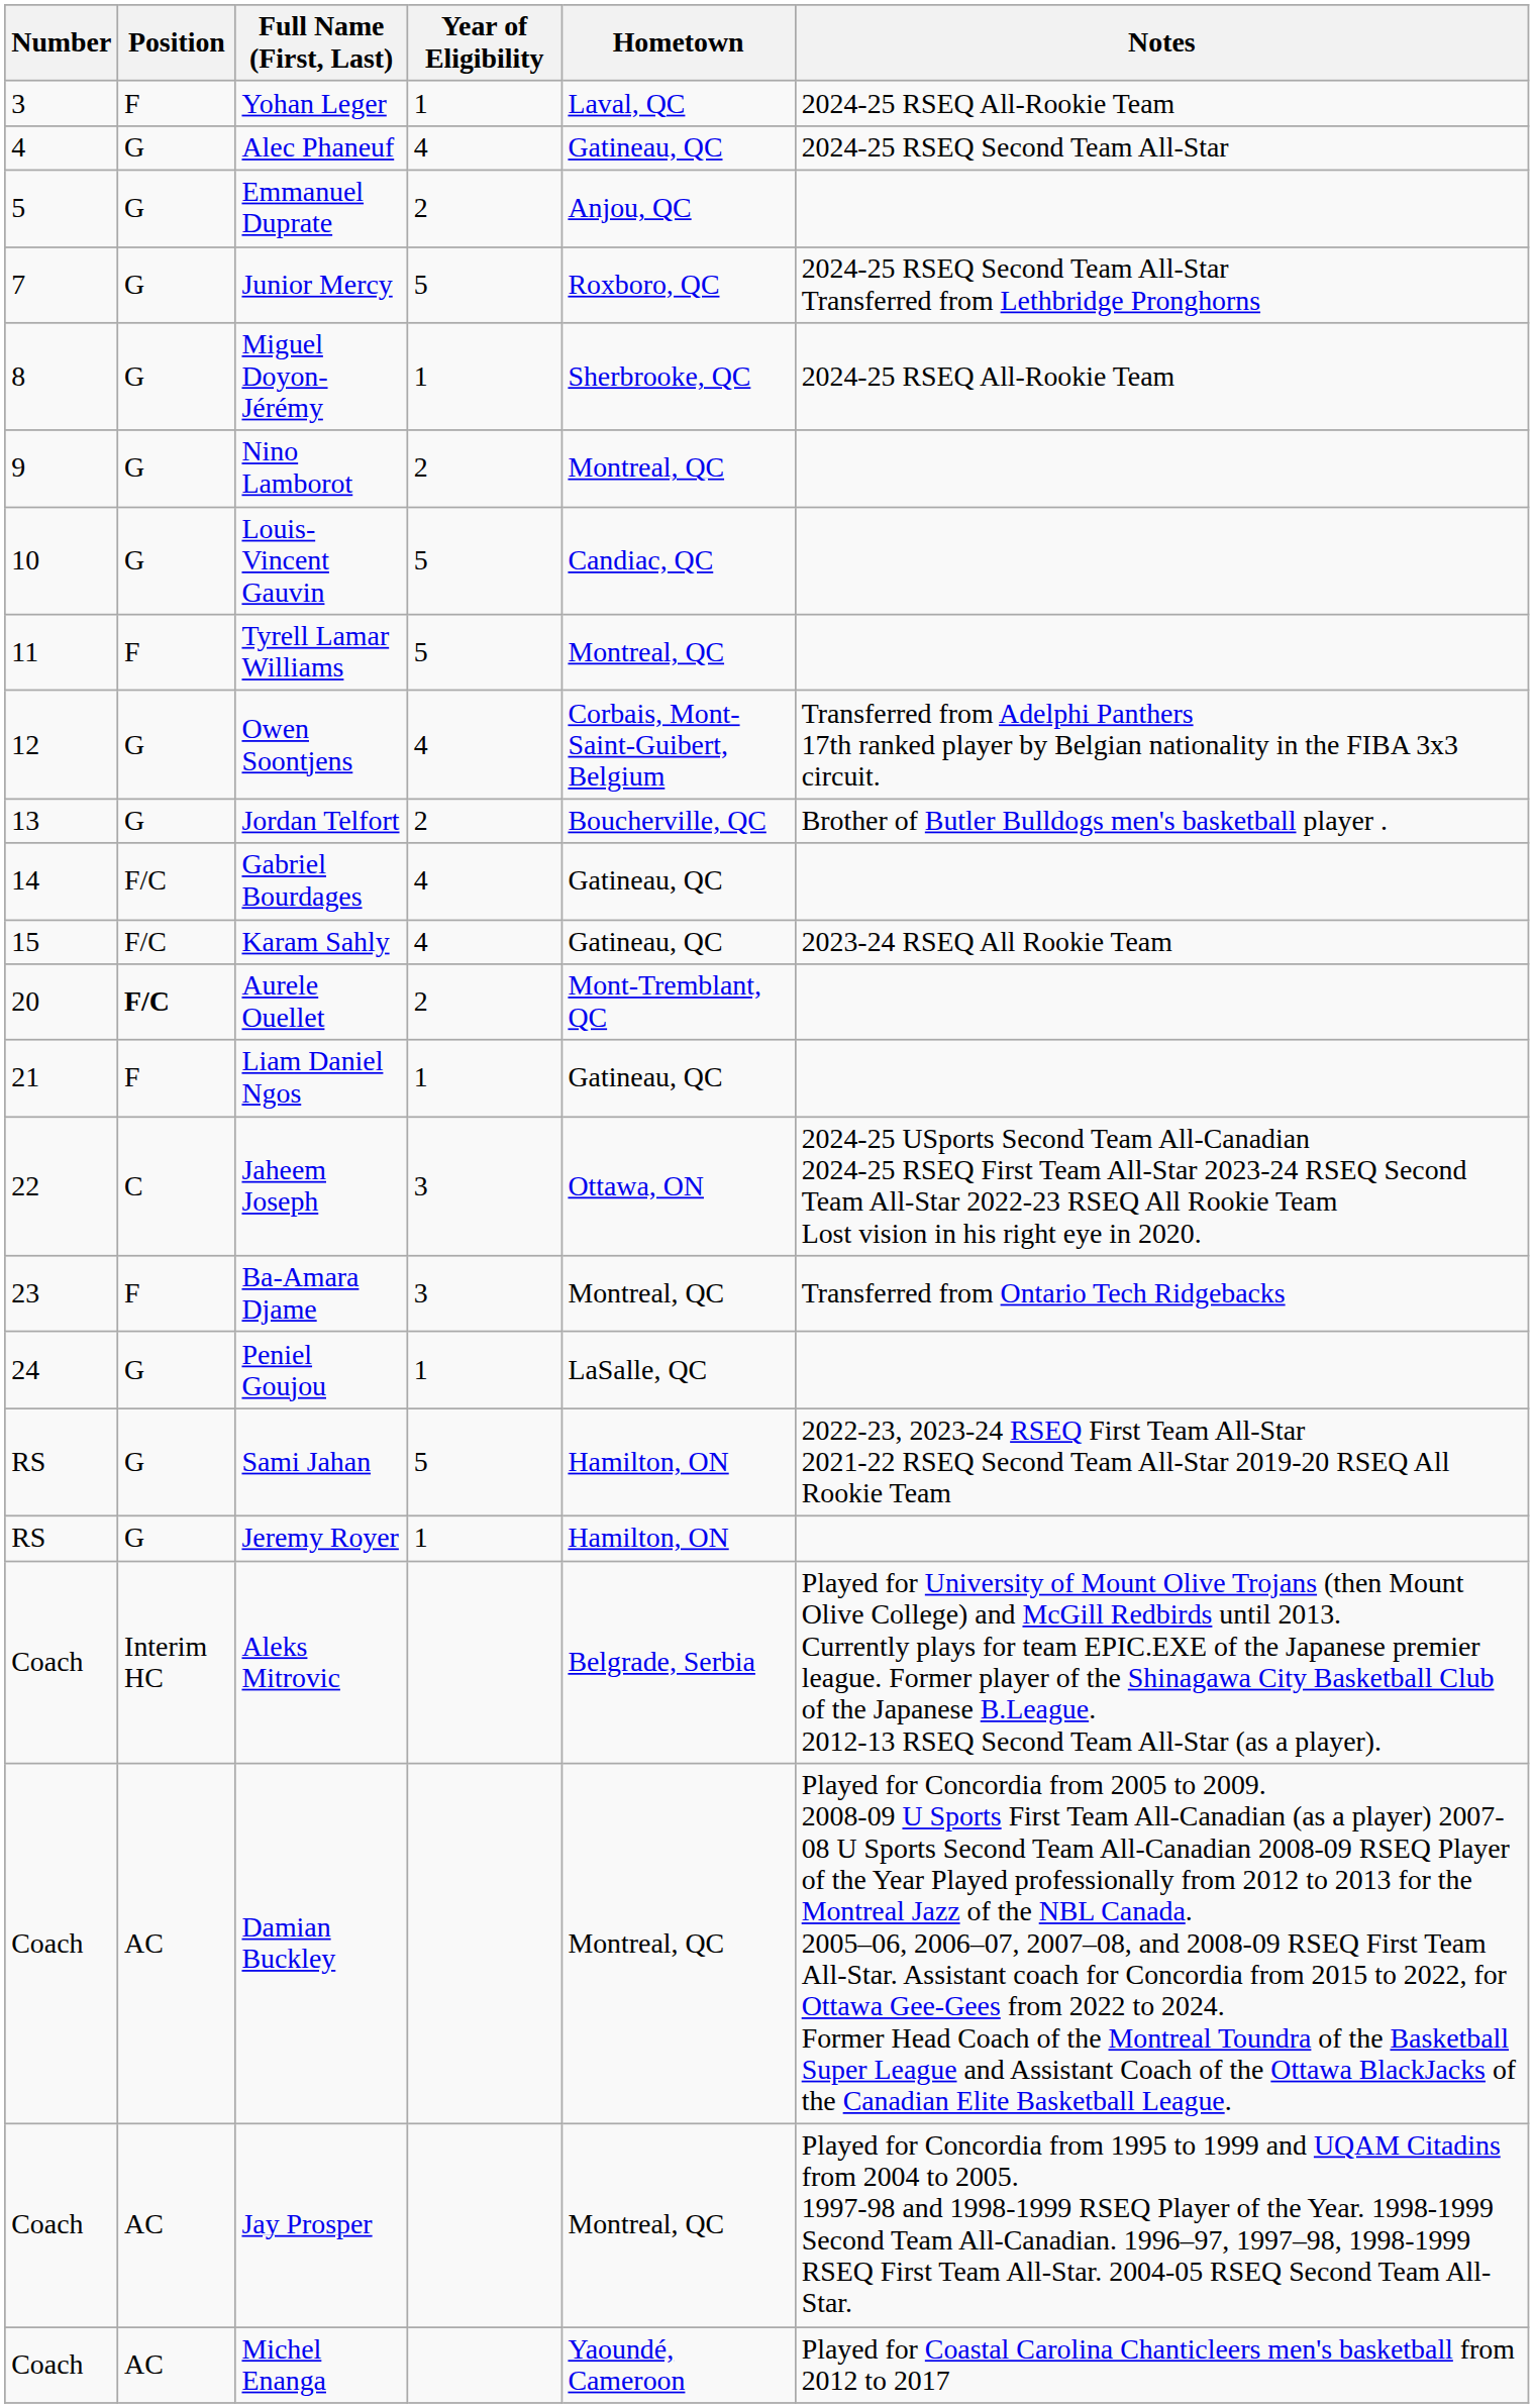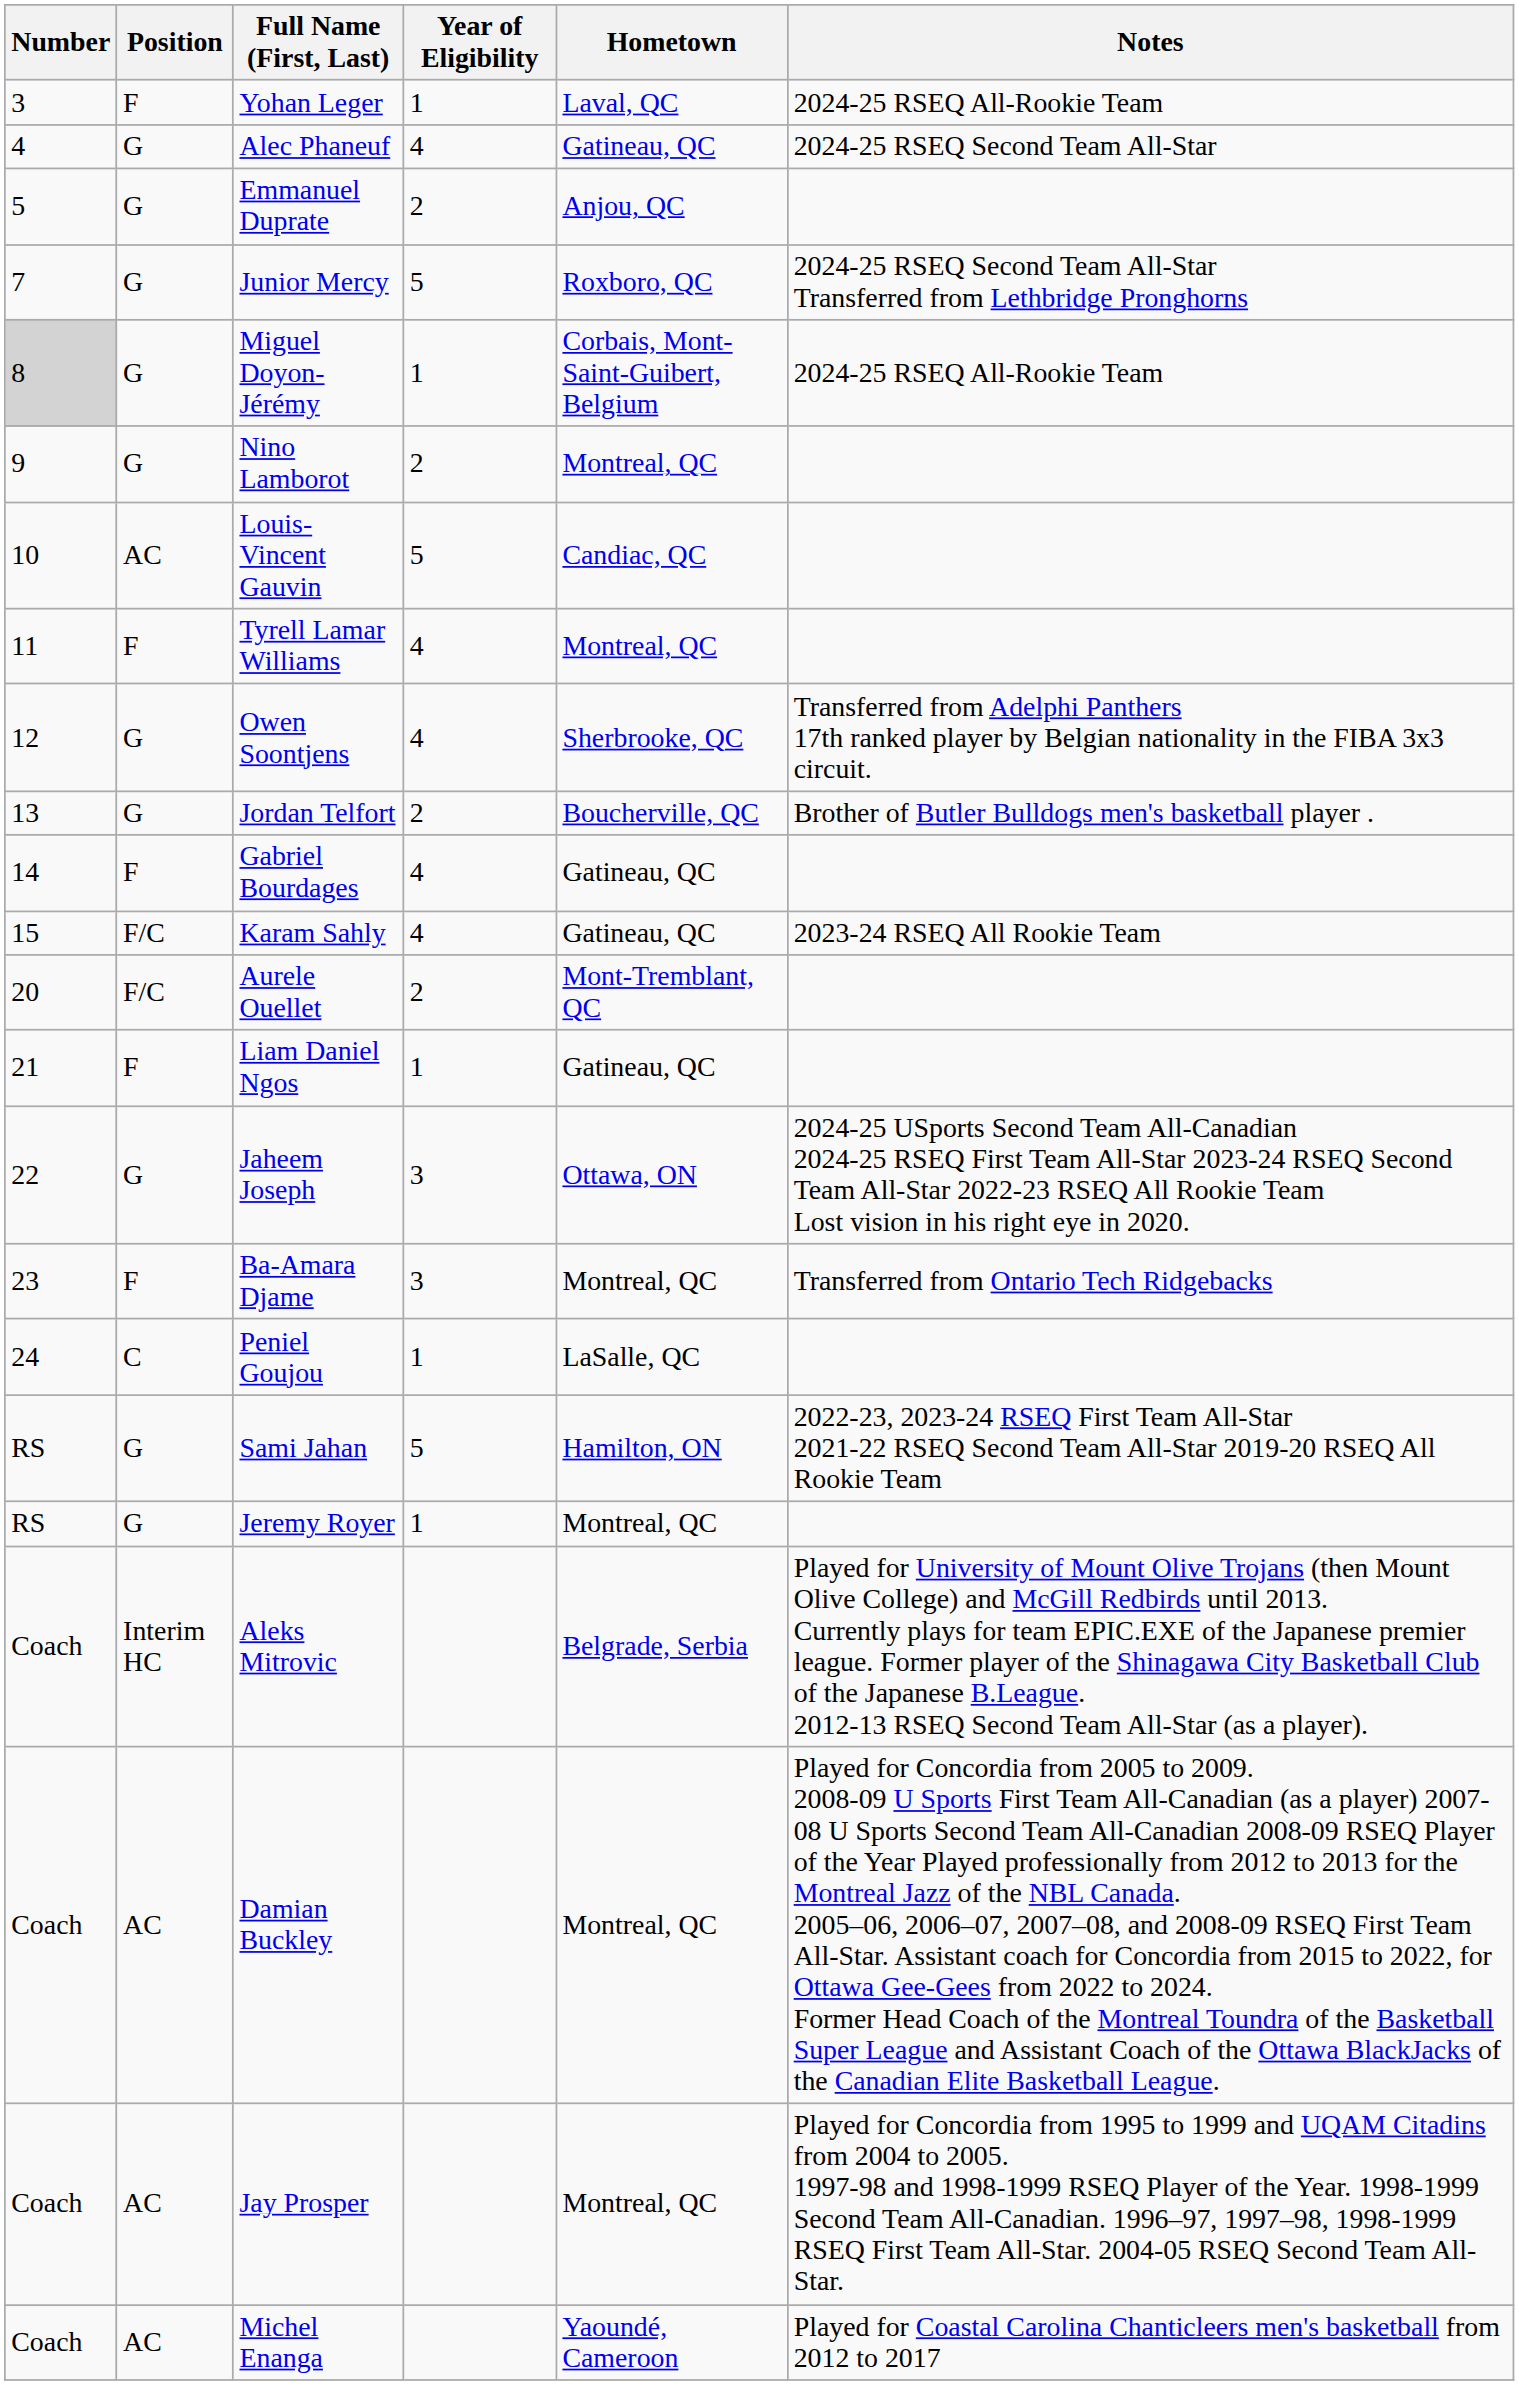 <table class="wikitable">
 <tr>
 <th>Number</th>
 <th>Position</th>
 <th>Full Name (First, Last)</th>
 <th>Year of Eligibility</th>
 <th>Hometown</th>
 <th>Notes</th>
 </tr>
 <tr>
 <td>3</td>
 <td>F</td>
 <td><a href='#'>Yohan Leger</a></td>
 <td>1</td>
 <td><a href='#'>Laval, QC</a></td>
 <td>2024-25 RSEQ All-Rookie Team</td>
 </tr>
 <tr>
 <td>4</td>
 <td>G</td>
 <td><a href='#'>Alec Phaneuf</a></td>
 <td>4</td>
 <td><a href='#'>Gatineau, QC</a></td>
 <td>2024-25 RSEQ Second Team All-Star</td>
 </tr>
 <tr>
 <td>5</td>
 <td>G</td>
 <td><a href='#'>Emmanuel Duprate</a></td>
 <td>2</td>
 <td><a href='#'>Anjou, QC</a></td>
 <td></td>
 </tr>
 <tr>
 <td>7</td>
 <td>G</td>
 <td><a href='#'>Junior Mercy</a></td>
 <td>5</td>
 <td><a href='#'>Roxboro, QC</a></td>
 <td>2024-25 RSEQ Second Team All-Star<br>Transferred from <a href='#'>Lethbridge Pronghorns</a></td>
 </tr>
 <tr>
-<td>8</td>
+<td style="background: lightgrey;">8</td>
 <td>G</td>
 <td><a href='#'>Miguel Doyon-Jérémy</a></td>
 <td>1</td>
-<td><a href='#'>Sherbrooke, QC</a></td>
+<td><a href='#'>Corbais, Mont-Saint-Guibert, Belgium</a></td>
 <td>2024-25 RSEQ All-Rookie Team</td>
 </tr>
 <tr>
 <td>9</td>
 <td>G</td>
 <td><a href='#'>Nino Lamborot</a></td>
 <td>2</td>
 <td><a href='#'>Montreal, QC</a></td>
 <td></td>
 </tr>
 <tr>
 <td>10</td>
-<td>G</td>
+<td>AC</td>
 <td><a href='#'>Louis-Vincent Gauvin</a></td>
 <td>5</td>
 <td><a href='#'>Candiac, QC</a></td>
 <td></td>
 </tr>
 <tr>
 <td>11</td>
 <td>F</td>
 <td><a href='#'>Tyrell Lamar Williams</a></td>
-<td>5</td>
+<td>4</td>
 <td><a href='#'>Montreal, QC</a></td>
 <td></td>
 </tr>
 <tr>
 <td>12</td>
 <td>G</td>
 <td><a href='#'>Owen Soontjens</a></td>
 <td>4</td>
-<td><a href='#'>Corbais, Mont-Saint-Guibert, Belgium</a></td>
+<td><a href='#'>Sherbrooke, QC</a></td>
 <td>Transferred from <a href='#'>Adelphi Panthers</a><br>17th ranked player by Belgian nationality in the FIBA 3x3 circuit.</td>
 </tr>
 <tr>
 <td>13</td>
 <td>G</td>
 <td><a href='#'>Jordan Telfort</a></td>
 <td>2</td>
 <td><a href='#'>Boucherville, QC</a></td>
 <td>Brother of <a href='#'>Butler Bulldogs men's basketball</a> player .</td>
 </tr>
 <tr>
 <td>14</td>
-<td>F/C</td>
+<td>F</td>
 <td><a href='#'>Gabriel Bourdages</a></td>
 <td>4</td>
 <td>Gatineau, QC</td>
 <td></td>
 </tr>
 <tr>
 <td>15</td>
 <td>F/C</td>
 <td><a href='#'>Karam Sahly</a></td>
 <td>4</td>
 <td>Gatineau, QC</td>
 <td>2023-24 RSEQ All Rookie Team</td>
 </tr>
 <tr>
 <td>20</td>
-<td><strong>F/C</strong></td>
+<td>F/C</td>
 <td><a href='#'>Aurele Ouellet</a></td>
 <td>2</td>
 <td><a href='#'>Mont-Tremblant, QC</a></td>
 <td></td>
 </tr>
 <tr>
 <td>21</td>
 <td>F</td>
 <td><a href='#'>Liam Daniel Ngos</a></td>
 <td>1</td>
 <td>Gatineau, QC</td>
 <td></td>
 </tr>
 <tr>
 <td>22</td>
-<td>C</td>
+<td>G</td>
 <td><a href='#'>Jaheem Joseph</a></td>
 <td>3</td>
 <td><a href='#'>Ottawa, ON</a></td>
 <td>2024-25 USports Second Team All-Canadian<br>2024-25 RSEQ First Team All-Star 2023-24 RSEQ Second Team All-Star 2022-23 RSEQ All Rookie Team<br>Lost vision in his right eye in 2020.</td>
 </tr>
 <tr>
 <td>23</td>
 <td>F</td>
 <td><a href='#'>Ba-Amara Djame</a></td>
 <td>3</td>
 <td>Montreal, QC</td>
 <td>Transferred from <a href='#'>Ontario Tech Ridgebacks</a></td>
 </tr>
 <tr>
 <td>24</td>
-<td>G</td>
+<td>C</td>
 <td><a href='#'>Peniel Goujou</a></td>
 <td>1</td>
 <td>LaSalle, QC</td>
 <td></td>
 </tr>
 <tr>
 <td>RS</td>
 <td>G</td>
 <td><a href='#'>Sami Jahan</a></td>
 <td>5</td>
 <td><a href='#'>Hamilton, ON</a></td>
 <td>2022-23, 2023-24 <a href='#'>RSEQ</a> First Team All-Star<br>2021-22 RSEQ Second Team All-Star 2019-20 RSEQ All Rookie Team</td>
 </tr>
 <tr>
 <td>RS</td>
 <td>G</td>
 <td><a href='#'>Jeremy Royer</a></td>
 <td>1</td>
-<td><a href='#'>Hamilton, ON</a></td>
+<td>Montreal, QC</td>
 <td></td>
 </tr>
 <tr>
 <td>Coach</td>
 <td>Interim HC</td>
 <td><a href='#'>Aleks Mitrovic</a></td>
 <td></td>
 <td><a href='#'>Belgrade, Serbia</a></td>
 <td>Played for <a href='#'>University of Mount Olive Trojans</a> (then Mount Olive College) and <a href='#'>McGill Redbirds</a> until 2013.<br>Currently plays for team EPIC.EXE of the Japanese  premier league.  Former player of the <a href='#'>Shinagawa City Basketball Club</a> of the Japanese <a href='#'>B.League</a>.<br>2012-13 RSEQ Second Team All-Star (as a player).</td>
 </tr>
 <tr>
 <td>Coach</td>
 <td>AC</td>
 <td><a href='#'>Damian Buckley</a></td>
 <td></td>
 <td>Montreal, QC</td>
 <td>Played for Concordia from 2005 to 2009.<br>2008-09 <a href='#'>U Sports</a> First Team All-Canadian (as a player) 2007-08 U Sports Second Team All-Canadian 2008-09 RSEQ Player of the Year Played professionally from 2012 to 2013 for the <a href='#'>Montreal Jazz</a> of the <a href='#'>NBL Canada</a>.<br>2005–06, 2006–07, 2007–08, and 2008-09 RSEQ First Team All-Star. Assistant coach for Concordia from 2015 to 2022, for <a href='#'>Ottawa Gee-Gees</a> from 2022 to 2024.<br>Former Head Coach of the <a href='#'>Montreal Toundra</a> of the <a href='#'>Basketball Super League</a> and Assistant Coach of the <a href='#'>Ottawa BlackJacks</a> of the <a href='#'>Canadian Elite Basketball League</a>.</td>
 </tr>
 <tr>
 <td>Coach</td>
 <td>AC</td>
 <td><a href='#'>Jay Prosper</a></td>
 <td></td>
 <td>Montreal, QC</td>
 <td>Played for Concordia from 1995 to 1999 and <a href='#'>UQAM Citadins</a> from 2004 to 2005.<br>1997-98 and 1998-1999 RSEQ Player of the Year. 1998-1999 Second Team All-Canadian. 1996–97, 1997–98, 1998-1999 RSEQ First Team All-Star. 2004-05 RSEQ Second Team All-Star.</td>
 </tr>
 <tr>
 <td>Coach</td>
 <td>AC</td>
 <td><a href='#'>Michel Enanga</a></td>
 <td></td>
 <td><a href='#'>Yaoundé, Cameroon</a></td>
 <td>Played for <a href='#'>Coastal Carolina Chanticleers men's basketball</a> from 2012 to 2017</td>
 </tr>
 </table>
